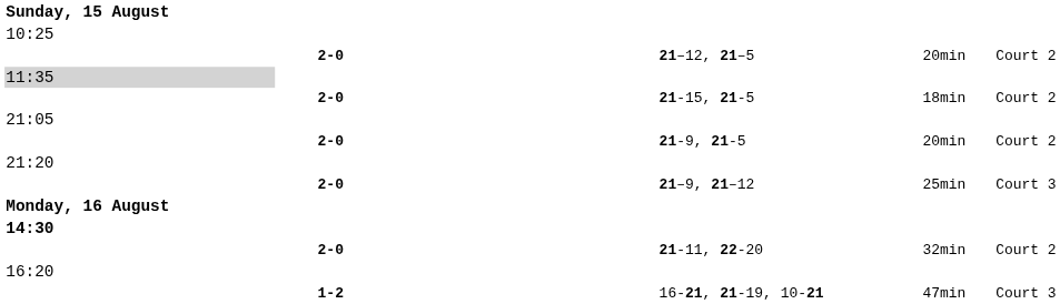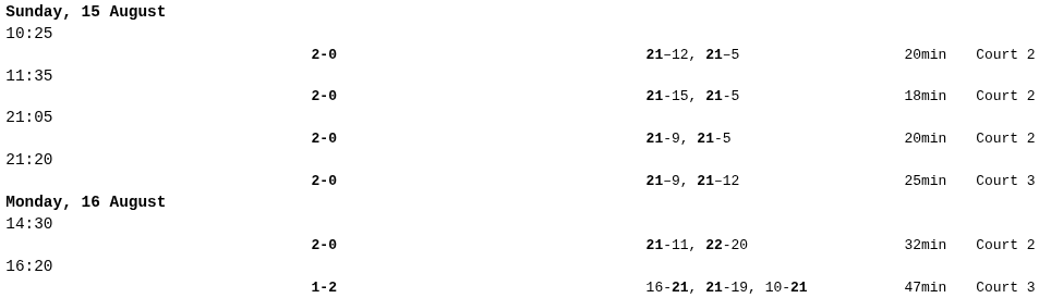 <table style="width:100%;" cellspacing="1">
 <tr>
 <th width=25%></th>
 <th width=10%></th>
 <th width=25%></th>
 </tr>
 <tr>
 <td><strong>Sunday, 15 August</strong></td>
 </tr>
 <tr>
 <td>10:25</td>
 </tr>
 <tr style=font-size:90%>
 <td align=right><strong></strong></td>
 <td align=center><strong> 2-0 </strong></td>
 <td></td>
 <td><strong>21</strong>–12, <strong>21</strong>–5</td>
 <td>20min</td>
 <td>Court 2</td>
 </tr>
 <tr>
-<td style="background: lightgrey;">11:35</td>
+<td>11:35</td>
 </tr>
 <tr style=font-size:90%>
 <td align=right><strong></strong></td>
 <td align=center><strong> 2-0 </strong></td>
 <td></td>
 <td><strong>21</strong>-15, <strong>21</strong>-5</td>
 <td>18min</td>
 <td>Court 2</td>
 </tr>
 <tr>
 <td>21:05</td>
 </tr>
 <tr style=font-size:90%>
 <td align=right><strong></strong></td>
 <td align=center><strong> 2-0 </strong></td>
 <td></td>
 <td><strong>21</strong>-9, <strong>21</strong>-5</td>
 <td>20min</td>
 <td>Court 2</td>
 </tr>
 <tr>
 <td>21:20</td>
 </tr>
 <tr style=font-size:90%>
 <td align=right><strong></strong></td>
 <td align=center><strong> 2-0 </strong></td>
 <td></td>
 <td><strong>21</strong>–9, <strong>21</strong>–12</td>
 <td>25min</td>
 <td>Court 3</td>
 </tr>
 <tr>
 <td><strong>Monday, 16 August</strong></td>
 </tr>
 <tr>
-<td><strong>14:30</strong></td>
+<td>14:30</td>
 </tr>
 <tr style=font-size:90%>
 <td align=right><strong></strong></td>
 <td align=center><strong> 2-0 </strong></td>
 <td></td>
 <td><strong>21</strong>-11, <strong>22</strong>-20</td>
 <td>32min</td>
 <td>Court 2</td>
 </tr>
 <tr>
 <td>16:20</td>
 </tr>
 <tr style=font-size:90%>
 <td align=right></td>
 <td align=center><strong> 1-2 </strong></td>
 <td><strong></strong></td>
 <td>16-<strong>21</strong>, <strong>21</strong>-19, 10-<strong>21</strong></td>
 <td>47min</td>
 <td>Court 3</td>
 </tr>
 </table>
